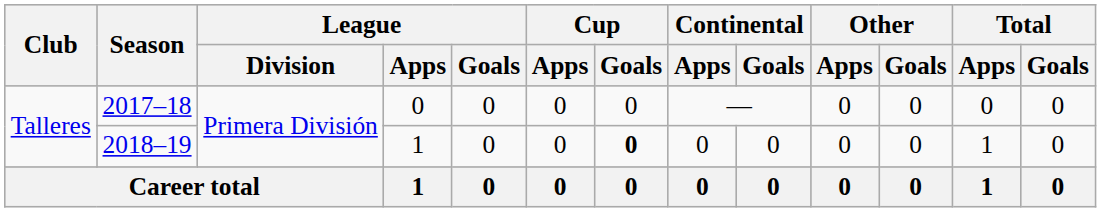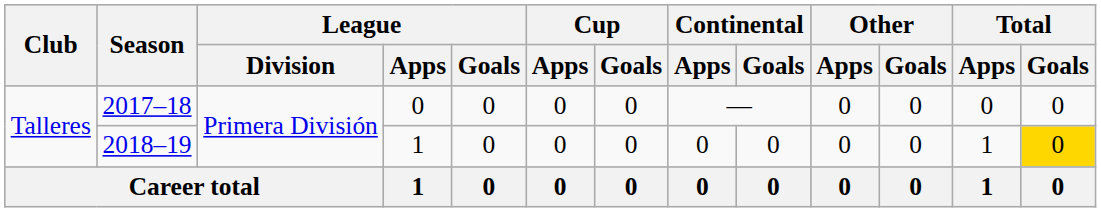 <table class="wikitable" style="text-align:center">
 <tr>
 <th rowspan="2">Club</th>
 <th rowspan="2">Season</th>
 <th colspan="3">League</th>
 <th colspan="2">Cup</th>
 <th colspan="2">Continental</th>
 <th colspan="2">Other</th>
 <th colspan="2">Total</th>
 </tr>
 <tr>
 <th>Division</th>
 <th>Apps</th>
 <th>Goals</th>
 <th>Apps</th>
 <th>Goals</th>
 <th>Apps</th>
 <th>Goals</th>
 <th>Apps</th>
 <th>Goals</th>
 <th>Apps</th>
 <th>Goals</th>
 </tr>
 <tr>
 <td rowspan="2"><a href='#'>Talleres</a></td>
 <td><a href='#'>2017–18</a></td>
 <td rowspan="2"><a href='#'>Primera División</a></td>
 <td>0</td>
 <td>0</td>
 <td>0</td>
 <td>0</td>
 <td colspan="2">—</td>
 <td>0</td>
 <td>0</td>
 <td>0</td>
 <td>0</td>
 </tr>
 <tr>
 <td><a href='#'>2018–19</a></td>
 <td>1</td>
 <td>0</td>
 <td>0</td>
-<td><strong>0</strong></td>
+<td>0</td>
 <td>0</td>
 <td>0</td>
 <td>0</td>
 <td>0</td>
 <td>1</td>
-<td>0</td>
+<td style="background: gold;">0</td>
 </tr>
 <tr>
 <th colspan="3">Career total</th>
 <th>1</th>
 <th>0</th>
 <th>0</th>
 <th>0</th>
 <th>0</th>
 <th>0</th>
 <th>0</th>
 <th>0</th>
 <th>1</th>
 <th>0</th>
 </tr>
 </table>
